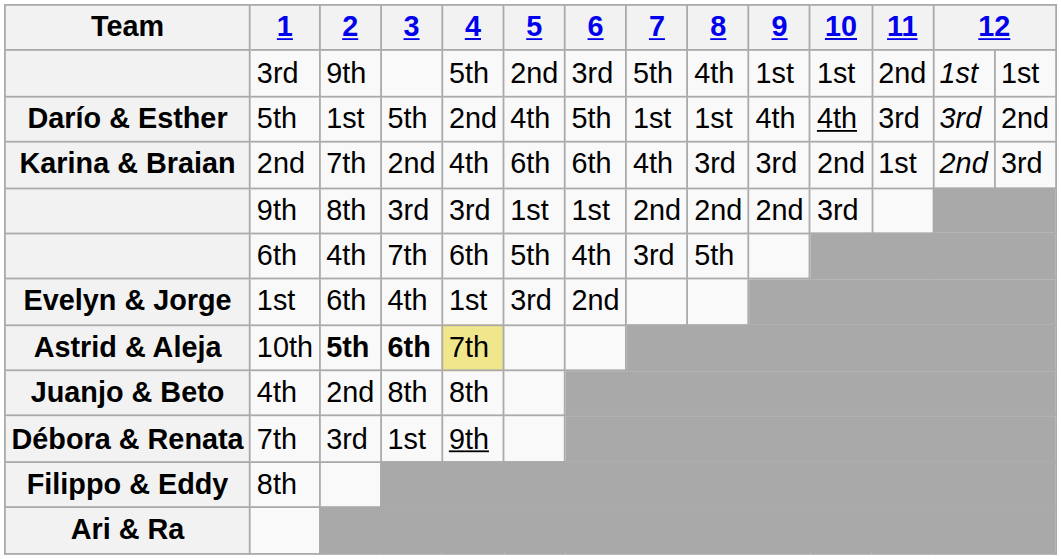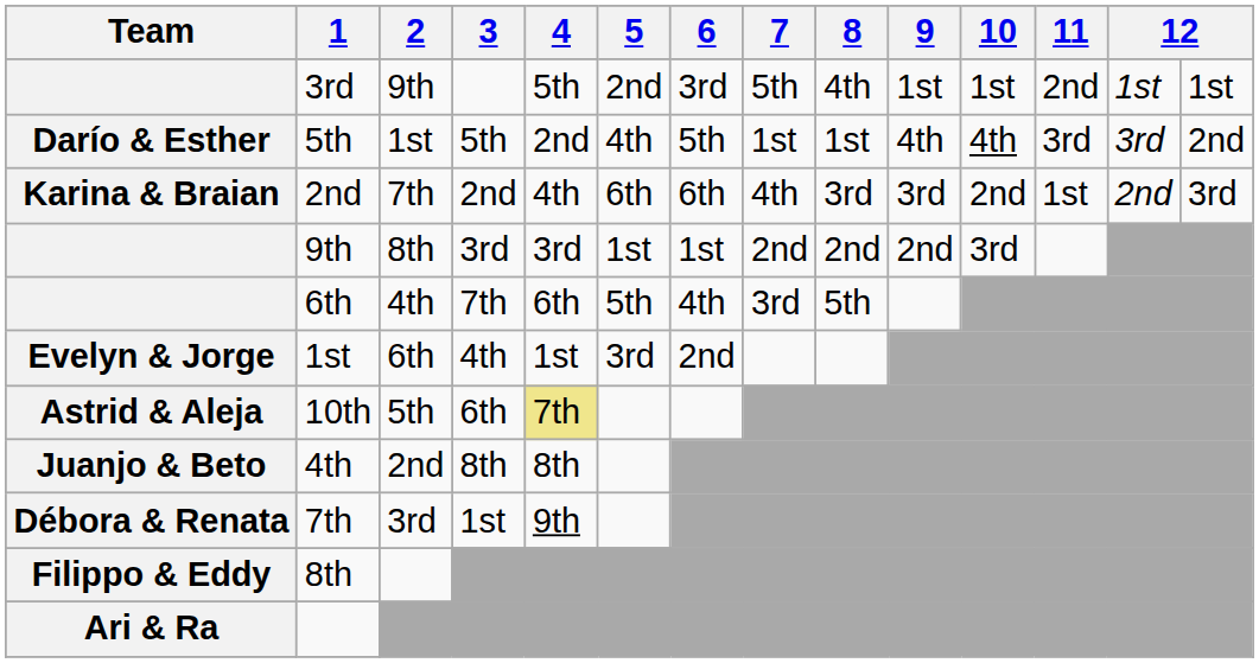 <table class="wikitable sortable" style="text-align:left;">
 <tr>
 <th scope="col" class="unsortable">Team</th>
 <th><a href='#'>1</a></th>
 <th><a href='#'>2</a></th>
 <th><a href='#'>3</a></th>
 <th><u><a href='#'>4</a></u></th>
 <th><a href='#'>5</a></th>
 <th><a href='#'>6</a><span></span></th>
 <th><a href='#'>7</a></th>
 <th><a href='#'>8</a></th>
 <th><a href='#'>9</a></th>
 <th><u><a href='#'>10</a></u></th>
 <th><a href='#'>11</a></th>
 <th colspan=2><a href='#'>12</a></th>
 </tr>
 <tr>
 <th></th>
 <td>3rd</td>
 <td>9th</td>
 <td></td>
 <td>5th</td>
 <td>2nd</td>
 <td>3rd</td>
 <td>5th</td>
 <td>4th</td>
 <td>1st</td>
 <td>1st</td>
 <td>2nd</td>
 <td><em>1st</em></td>
 <td>1st</td>
 </tr>
 <tr>
 <th>Darío & Esther</th>
 <td>5th</td>
 <td>1st</td>
 <td>5th</td>
 <td>2nd</td>
 <td>4th</td>
 <td>5th</td>
 <td>1st</td>
 <td>1st</td>
 <td>4th</td>
 <td><u>4th</u></td>
 <td>3rd</td>
 <td><em>3rd</em></td>
 <td>2nd</td>
 </tr>
 <tr>
 <th>Karina & Braian</th>
 <td>2nd</td>
 <td>7th</td>
 <td>2nd</td>
 <td>4th</td>
 <td>6th</td>
 <td>6th</td>
 <td>4th</td>
 <td>3rd</td>
 <td>3rd</td>
 <td>2nd</td>
 <td>1st</td>
 <td><em>2nd</em></td>
 <td>3rd</td>
 </tr>
 <tr>
 <th></th>
 <td>9th</td>
 <td>8th</td>
 <td>3rd</td>
 <td>3rd</td>
 <td>1st</td>
 <td>1st</td>
 <td>2nd</td>
 <td>2nd</td>
 <td>2nd</td>
 <td>3rd</td>
 <td></td>
 <td bgcolor="A9A9A9" colspan=2></td>
 </tr>
 <tr>
 <th></th>
 <td>6th</td>
 <td>4th</td>
 <td>7th</td>
 <td>6th</td>
 <td>5th</td>
 <td>4th</td>
 <td>3rd</td>
 <td>5th</td>
 <td></td>
 <td bgcolor="A9A9A9" colspan=4></td>
 </tr>
 <tr>
 <th>Evelyn & Jorge</th>
 <td>1st</td>
 <td>6th</td>
 <td>4th</td>
 <td>1st</td>
 <td>3rd</td>
 <td>2nd</td>
 <td></td>
 <td></td>
 <td bgcolor="A9A9A9" colspan=5></td>
 </tr>
 <tr>
 <th>Astrid & Aleja</th>
 <td>10th</td>
-<td><strong>5th</strong></td>
-<td><strong>6th</strong></td>
+<td>5th</td>
+<td>6th</td>
 <td style="background: khaki;">7th</td>
 <td></td>
 <td></td>
 <td bgcolor="A9A9A9" colspan=7></td>
 </tr>
 <tr>
 <th>Juanjo & Beto</th>
 <td>4th</td>
 <td>2nd</td>
 <td>8th</td>
 <td>8th</td>
 <td></td>
 <td bgcolor="A9A9A9" colspan=8></td>
 </tr>
 <tr>
 <th>Débora & Renata</th>
 <td>7th</td>
 <td>3rd</td>
 <td>1st</td>
 <td><u>9th</u></td>
 <td></td>
 <td bgcolor="A9A9A9" colspan=8></td>
 </tr>
 <tr>
 <th>Filippo & Eddy</th>
 <td>8th</td>
 <td></td>
 <td bgcolor="A9A9A9" colspan=11></td>
 </tr>
 <tr>
 <th>Ari & Ra</th>
 <td></td>
 <td bgcolor="A9A9A9" colspan=12></td>
 </tr>
 </table>
